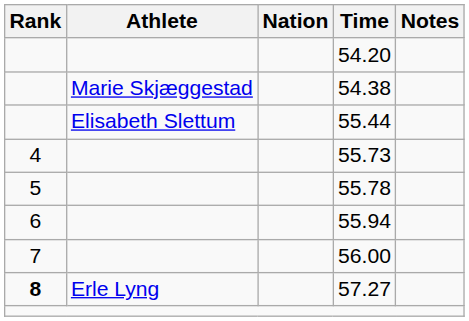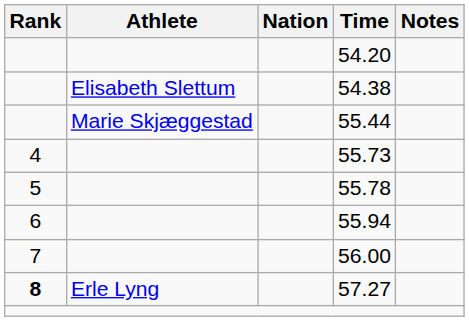 <table class="wikitable sortable" style="text-align:center;">
 <tr>
 <th scope="col" style="width: 10px;">Rank</th>
 <th scope="col">Athlete</th>
 <th scope="col">Nation</th>
 <th scope="col">Time</th>
 <th scope="col">Notes</th>
 </tr>
 <tr>
 <td></td>
 <td align=left></td>
 <td align=left></td>
 <td>54.20</td>
 <td></td>
 </tr>
 <tr>
 <td></td>
-<td align=left><a href='#'>Marie Skjæggestad</a></td>
+<td align=left><a href='#'>Elisabeth Slettum</a></td>
 <td align=left></td>
 <td>54.38</td>
 <td></td>
 </tr>
 <tr>
 <td></td>
-<td align=left><a href='#'>Elisabeth Slettum</a></td>
+<td align=left><a href='#'>Marie Skjæggestad</a></td>
 <td align=left></td>
 <td>55.44</td>
 <td></td>
 </tr>
 <tr>
 <td>4</td>
 <td align=left></td>
 <td align=left></td>
 <td>55.73</td>
 <td></td>
 </tr>
 <tr>
 <td>5</td>
 <td align=left></td>
 <td align=left></td>
 <td>55.78</td>
 <td></td>
 </tr>
 <tr>
 <td>6</td>
 <td align=left></td>
 <td align=left></td>
 <td>55.94</td>
 <td></td>
 </tr>
 <tr>
 <td>7</td>
 <td align=left></td>
 <td align=left></td>
 <td>56.00</td>
 <td></td>
 </tr>
 <tr>
 <td><strong>8</strong></td>
 <td align=left><a href='#'>Erle Lyng</a></td>
 <td align=left></td>
 <td>57.27</td>
 <td></td>
 </tr>
 <tr class="sortbottom">
 <td colspan="5"></td>
 </tr>
 </table>
